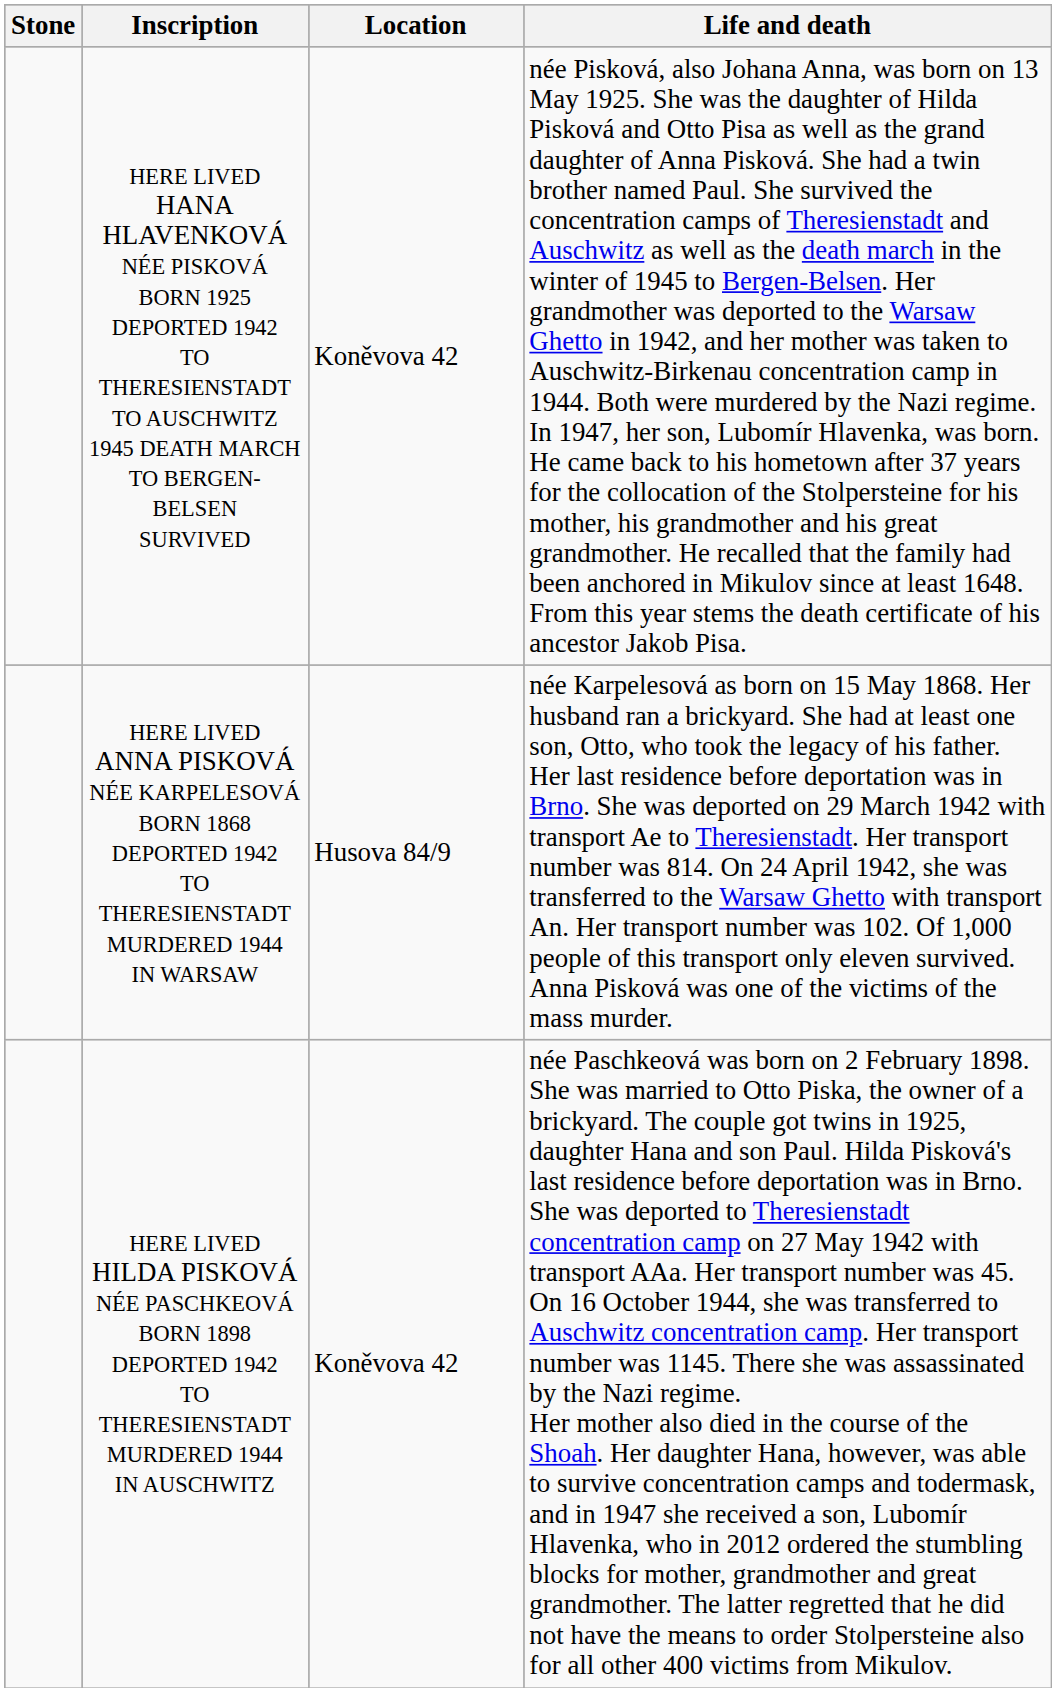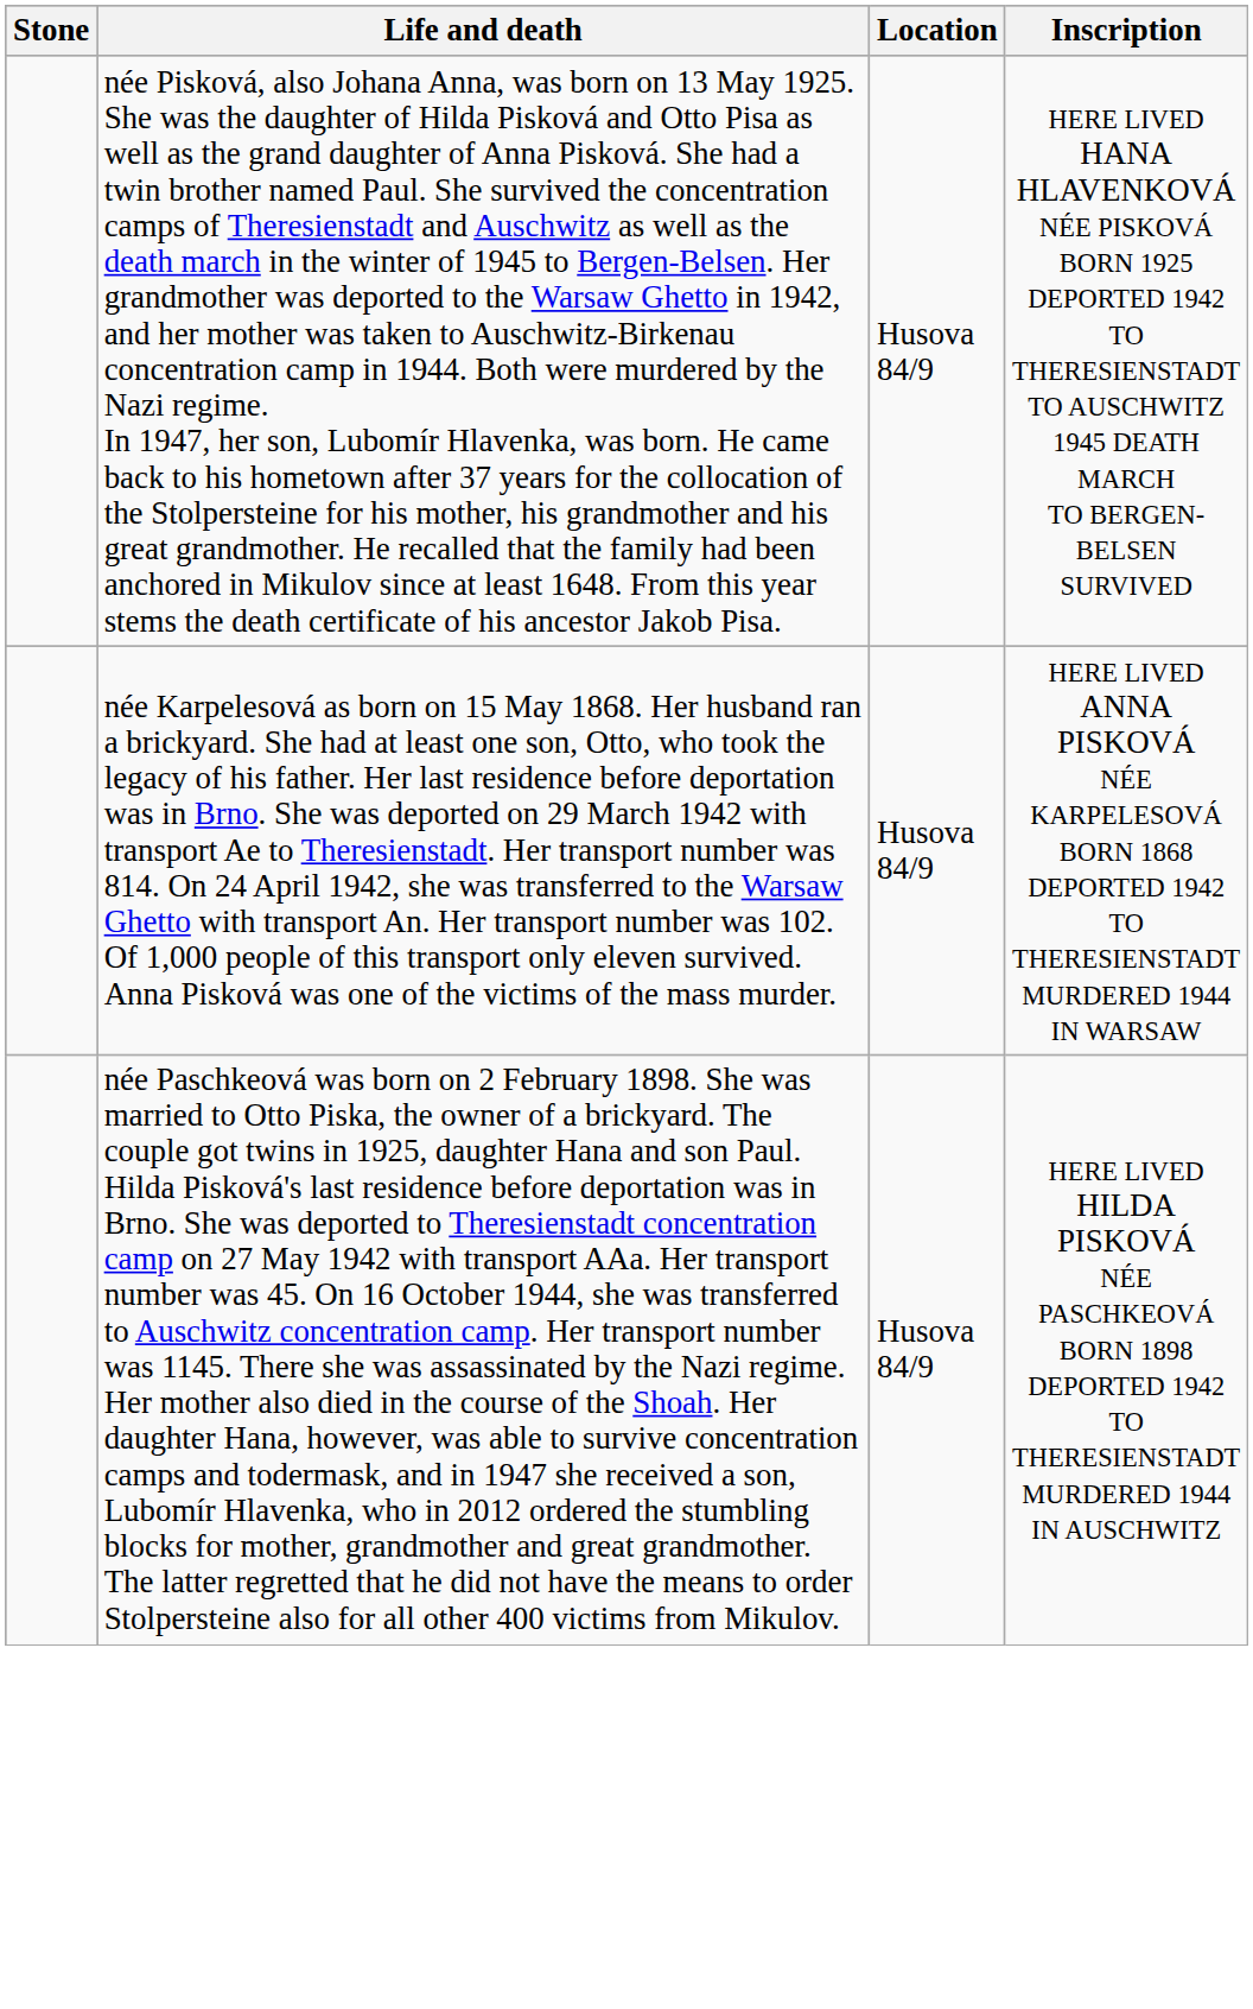 <table class="wikitable sortable toptextcells" style="width:100%">
 <tr>
 <th class="hintergrundfarbe6 unsortable" width="120px">Stone</th>
+<th class="hintergrundfarbe6" style="width:100%;">Life and death</th>
+<th class="hintergrundfarbe6" data-sort-type="text" style ="width:22%;">Location</th>
 <th class="hintergrundfarbe6 unsortable" style ="width:22%;">Inscription</th>
-<th class="hintergrundfarbe6" data-sort-type="text" style ="width:22%;">Location</th>
-<th class="hintergrundfarbe6" style="width:100%;">Life and death</th>
 </tr>
 <tr>
 <td></td>
+<td><strong></strong> née Pisková, also Johana Anna, was born on 13 May 1925. She was the daughter of Hilda Pisková and Otto Pisa as well as the grand daughter of Anna Pisková. She had a twin brother named Paul. She survived the concentration camps of <a href='#'>Theresienstadt</a> and <a href='#'>Auschwitz</a> as well as the <a href='#'>death march</a> in the winter of 1945 to <a href='#'>Bergen-Belsen</a>. Her grandmother was deported to the <a href='#'>Warsaw Ghetto</a> in 1942, and her mother was taken to Auschwitz-Birkenau concentration camp in 1944. Both were murdered by the Nazi regime.<br>In 1947, her son, Lubomír Hlavenka, was born. He came back to his hometown after 37 years for the collocation of the Stolpersteine for his mother, his grandmother and his great grandmother. He recalled that the family had been anchored in Mikulov since at least 1648. From this year stems the death certificate of his ancestor Jakob Pisa.</td>
+<td>Husova 84/9<br></td>
 <td style="text-align:center"><div><small>HERE LIVED</small><br>HANA HLAVENKOVÁ<br><small>NÉE PISKOVÁ<br>BORN 1925<br>DEPORTED 1942<br>TO THERESIENSTADT<br>TO AUSCHWITZ<br>1945 DEATH MARCH<br>TO BERGEN-BELSEN<br>SURVIVED</small></div></td>
-<td>Koněvova 42<br></td>
-<td><strong></strong> née Pisková, also Johana Anna, was born on 13 May 1925. She was the daughter of Hilda Pisková and Otto Pisa as well as the grand daughter of Anna Pisková. She had a twin brother named Paul. She survived the concentration camps of <a href='#'>Theresienstadt</a> and <a href='#'>Auschwitz</a> as well as the <a href='#'>death march</a> in the winter of 1945 to <a href='#'>Bergen-Belsen</a>. Her grandmother was deported to the <a href='#'>Warsaw Ghetto</a> in 1942, and her mother was taken to Auschwitz-Birkenau concentration camp in 1944. Both were murdered by the Nazi regime.<br>In 1947, her son, Lubomír Hlavenka, was born. He came back to his hometown after 37 years for the collocation of the Stolpersteine for his mother, his grandmother and his great grandmother. He recalled that the family had been anchored in Mikulov since at least 1648. From this year stems the death certificate of his ancestor Jakob Pisa.</td>
 </tr>
 <tr>
 <td></td>
+<td><strong></strong> née Karpelesová as born on 15 May 1868. Her husband ran a brickyard. She had at least one son, Otto, who took the legacy of his father. Her last residence before deportation was in <a href='#'>Brno</a>. She was deported on 29 March 1942 with transport Ae to <a href='#'>Theresienstadt</a>. Her transport number was 814. On 24 April 1942, she was transferred to the <a href='#'>Warsaw Ghetto</a> with transport An. Her transport number was 102. Of 1,000 people of this transport only eleven survived. Anna Pisková was one of the victims of the mass murder.</td>
+<td>Husova 84/9<br></td>
 <td style="text-align:center"><div><small>HERE LIVED</small><br>ANNA PISKOVÁ<br><small>NÉE KARPELESOVÁ<br>BORN 1868<br>DEPORTED 1942<br>TO THERESIENSTADT<br>MURDERED 1944<br>IN WARSAW</small></div></td>
-<td>Husova 84/9<br></td>
-<td><strong></strong> née Karpelesová as born on 15 May 1868. Her husband ran a brickyard. She had at least one son, Otto, who took the legacy of his father. Her last residence before deportation was in <a href='#'>Brno</a>. She was deported on 29 March 1942 with transport Ae to <a href='#'>Theresienstadt</a>. Her transport number was 814. On 24 April 1942, she was transferred to the <a href='#'>Warsaw Ghetto</a> with transport An. Her transport number was 102. Of 1,000 people of this transport only eleven survived. Anna Pisková was one of the victims of the mass murder.</td>
 </tr>
 <tr>
 <td></td>
+<td><strong></strong> née Paschkeová was born on 2 February 1898. She was married to Otto Piska, the owner of a brickyard. The couple got twins in 1925, daughter Hana and son Paul. Hilda Pisková's last residence before deportation was in Brno. She was deported to <a href='#'>Theresienstadt concentration camp</a> on 27 May 1942 with transport AAa. Her transport number was 45. On 16 October 1944, she was transferred to <a href='#'>Auschwitz concentration camp</a>. Her transport number was 1145. There she was assassinated by the Nazi regime.<br>Her mother also died in the course of the <a href='#'>Shoah</a>. Her daughter Hana, however, was able to survive concentration camps and todermask, and in 1947 she received a son, Lubomír Hlavenka, who in 2012 ordered the stumbling blocks for mother, grandmother and great grandmother. The latter regretted that he did not have the means to order Stolpersteine also for all other 400 victims from Mikulov.</td>
+<td>Husova 84/9<br></td>
 <td style="text-align:center"><div><small>HERE LIVED</small><br>HILDA PISKOVÁ<br><small>NÉE PASCHKEOVÁ<br>BORN 1898<br>DEPORTED 1942<br>TO THERESIENSTADT<br>MURDERED 1944<br>IN AUSCHWITZ</small></div></td>
-<td>Koněvova 42<br></td>
-<td><strong></strong> née Paschkeová was born on 2 February 1898. She was married to Otto Piska, the owner of a brickyard. The couple got twins in 1925, daughter Hana and son Paul. Hilda Pisková's last residence before deportation was in Brno. She was deported to <a href='#'>Theresienstadt concentration camp</a> on 27 May 1942 with transport AAa. Her transport number was 45. On 16 October 1944, she was transferred to <a href='#'>Auschwitz concentration camp</a>. Her transport number was 1145. There she was assassinated by the Nazi regime.<br>Her mother also died in the course of the <a href='#'>Shoah</a>. Her daughter Hana, however, was able to survive concentration camps and todermask, and in 1947 she received a son, Lubomír Hlavenka, who in 2012 ordered the stumbling blocks for mother, grandmother and great grandmother. The latter regretted that he did not have the means to order Stolpersteine also for all other 400 victims from Mikulov.</td>
 </tr>
 </table>
